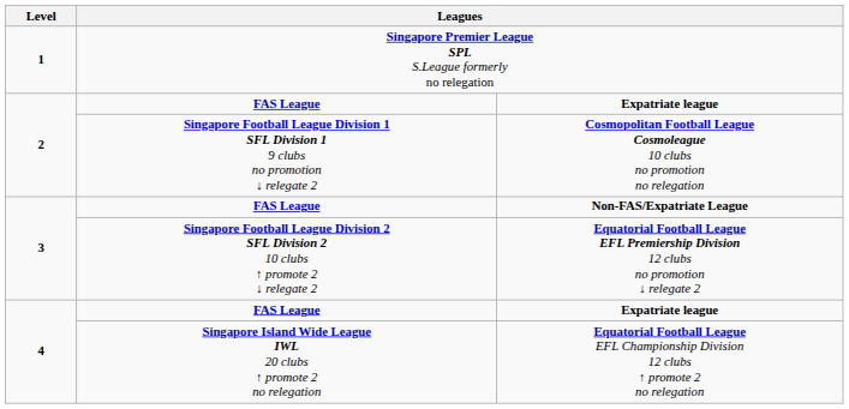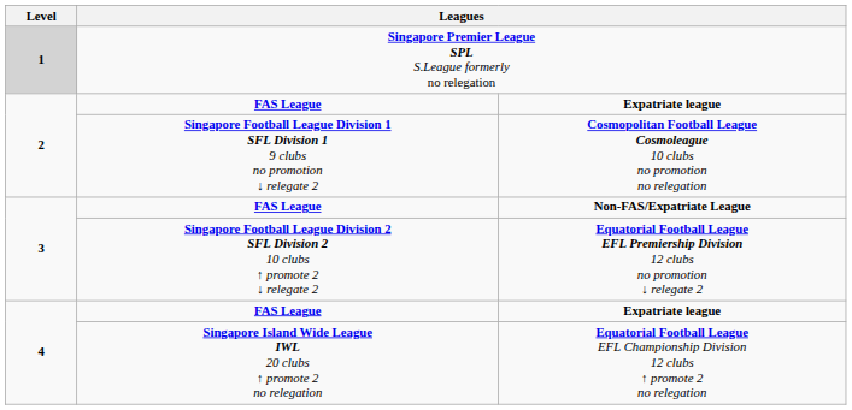 <table class="wikitable" style="text-align: center; font-size: 85%;" width="100%;">
 <tr>
 <th>Level</th>
 <th colspan=17>Leagues</th>
 </tr>
 <tr>
-<td><strong>1</strong></td>
+<td style="background: lightgrey;"><strong>1</strong></td>
 <td colspan="14"><strong><a href='#'>Singapore Premier League</a><br><em>SPL</em></strong><br> <em> S.League formerly </em> <br>no relegation</td>
 </tr>
 <tr>
 <td rowspan="2"><strong>2</strong></td>
 <td colspan="12"><strong><a href='#'>FAS League</a></strong></td>
 <td colspan="2"><strong>Expatriate league</strong></td>
 </tr>
 <tr>
 <td colspan="12"><strong><a href='#'>Singapore Football League Division 1</a><br><em>SFL Division 1</em></strong><br><em>9 clubs<br>no promotion<br>↓ relegate 2</em></td>
 <td colspan="2"><strong><a href='#'>Cosmopolitan Football League</a><br><em>Cosmoleague</em></strong><br><em>10 clubs<br>no promotion<br>no relegation</em></td>
 </tr>
 <tr>
 <td rowspan="2"><strong>3</strong></td>
 <td colspan="12"><strong><a href='#'>FAS League</a></strong></td>
 <td colspan="2"><strong>Non-FAS/Expatriate League </strong></td>
 </tr>
 <tr>
 <td colspan="12"><strong><a href='#'>Singapore Football League Division 2</a><br><em>SFL Division 2</em></strong><br><em>10 clubs<br>↑ promote 2<br>↓ relegate 2</em></td>
 <td colspan="2"><strong> <a href='#'>Equatorial Football League</a><br><em>EFL Premiership Division</em></strong><br><em>12 clubs<br>no promotion<br>↓ relegate 2</em></td>
 </tr>
 <tr>
 <td rowspan="2"><strong>4</strong></td>
 <td colspan="12"><strong><a href='#'>FAS League</a></strong></td>
 <td colspan="2"><strong>Expatriate league </strong></td>
 </tr>
 <tr>
 <td colspan="12"><strong> <a href='#'>Singapore Island Wide League</a><br> <em>IWL</em></strong><br><em>20 clubs<br>↑ promote 2<br>no relegation</em></td>
 <td colspan="2"><strong><a href='#'>Equatorial Football League</a></strong><br><em>EFL Championship Division</em><br><em>12 clubs<br>↑ promote 2<br>no relegation</em></td>
 </tr>
 </table>
